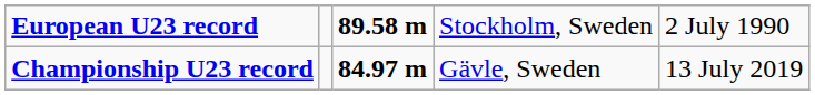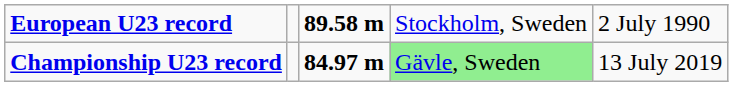 <table class="wikitable">
 <tr>
 <td><strong><a href='#'>European U23 record</a></strong></td>
 <td></td>
 <td><strong>89.58 m</strong></td>
 <td><a href='#'>Stockholm</a>, Sweden</td>
 <td>2 July 1990</td>
 </tr>
 <tr>
 <td><strong><a href='#'>Championship U23 record</a></strong></td>
 <td></td>
 <td><strong>84.97 m</strong></td>
-<td><a href='#'>Gävle</a>, Sweden</td>
+<td style="background: lightgreen;"><a href='#'>Gävle</a>, Sweden</td>
 <td>13 July 2019</td>
 </tr>
 </table>
